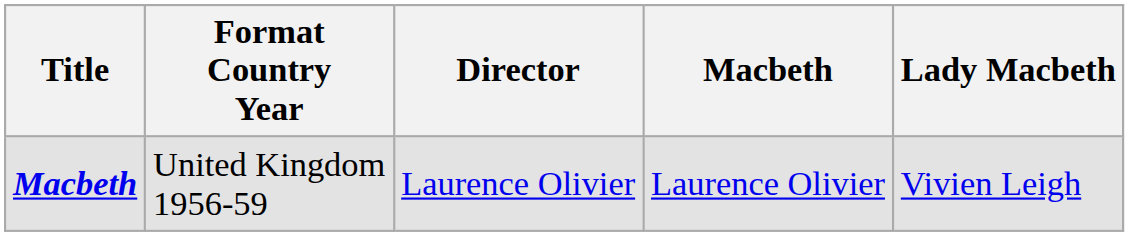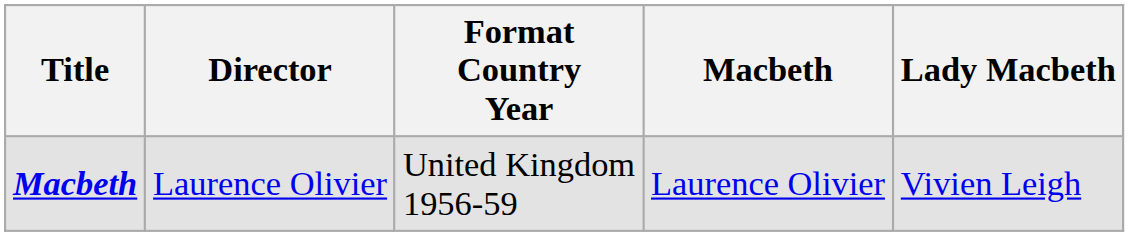 <table class="wikitable">
 <tr>
 <th>Title</th>
+<th>Director</th>
 <th>Format<br>Country<br>Year</th>
-<th>Director</th>
 <th>Macbeth</th>
 <th>Lady Macbeth</th>
 </tr>
 <tr bgcolor="#e3e3e3">
 <td><a href='#'><strong><em>Macbeth</em></strong></a></td>
+<td><a href='#'>Laurence Olivier</a></td>
 <td>United Kingdom<br>1956-59</td>
-<td><a href='#'>Laurence Olivier</a></td>
 <td><a href='#'>Laurence Olivier</a></td>
 <td><a href='#'>Vivien Leigh</a></td>
 </tr>
 </table>
